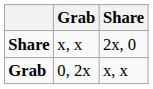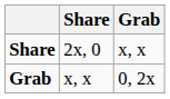 <table class="wikitable">
 <tr>
 <th></th>
+<th>Share</th>
 <th>Grab</th>
-<th>Share</th>
 </tr>
 <tr>
 <td><strong>Share</strong></td>
+<td>2x, 0</td>
 <td>x, x</td>
-<td>2x, 0</td>
 </tr>
 <tr>
 <td><strong>Grab</strong></td>
+<td>x, x</td>
 <td>0, 2x</td>
-<td>x, x</td>
 </tr>
 </table>
